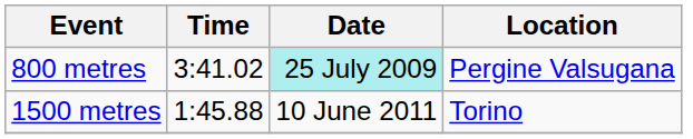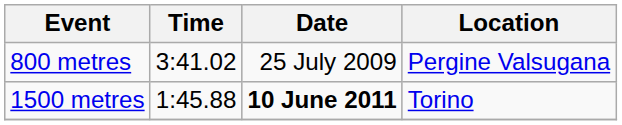 <table class="wikitable" |]>
 <tr>
 <th>Event</th>
 <th>Time</th>
 <th>Date</th>
 <th>Location</th>
 </tr>
 <tr>
 <td><a href='#'>800 metres</a></td>
 <td align=right>3:41.02</td>
-<td align=right style="background: paleturquoise;">25 July 2009</td>
+<td align=right>25 July 2009</td>
 <td><a href='#'>Pergine Valsugana</a></td>
 </tr>
 <tr>
 <td><a href='#'>1500 metres</a></td>
 <td align=right>1:45.88</td>
-<td align=right>10 June 2011</td>
+<td align=right><strong>10 June 2011</strong></td>
 <td><a href='#'>Torino</a></td>
 </tr>
 <tr>
 </tr>
 </table>
